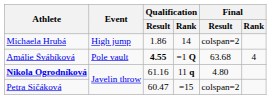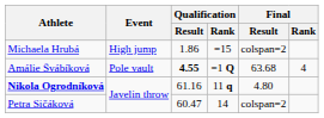 <table class=wikitable style="font-size:90%">
 <tr>
 <th rowspan="2">Athlete</th>
 <th rowspan="2">Event</th>
 <th colspan="2">Qualification</th>
 <th colspan="2">Final</th>
 </tr>
 <tr style="font-size:95%">
 <th>Result</th>
 <th>Rank</th>
 <th>Result</th>
 <th>Rank</th>
 </tr>
 <tr align=center>
 <td align=left><a href='#'>Michaela Hrubá</a></td>
 <td align=left><a href='#'>High jump</a></td>
 <td>1.86</td>
-<td>14</td>
+<td>=15</td>
 <td>colspan=2 </td>
 </tr>
 <tr align=center>
 <td align=left><a href='#'>Amálie Švábíková</a></td>
 <td align="left"><a href='#'>Pole vault</a></td>
 <td><strong>4.55</strong></td>
 <td>=1 <strong>Q</strong></td>
 <td>63.68 <strong></strong></td>
 <td>4</td>
 </tr>
 <tr align=center>
 <td align=left><strong><a href='#'>Nikola Ogrodníková</a></strong></td>
 <td align=left rowspan=2><a href='#'>Javelin throw</a></td>
 <td>61.16</td>
 <td>11 <strong>q</strong></td>
 <td>4.80 <strong></strong></td>
 <td></td>
 </tr>
 <tr align=center>
 <td align=left><a href='#'>Petra Sičáková</a></td>
 <td>60.47</td>
-<td>=15</td>
+<td>14</td>
 <td>colspan=2 </td>
 </tr>
 </table>
